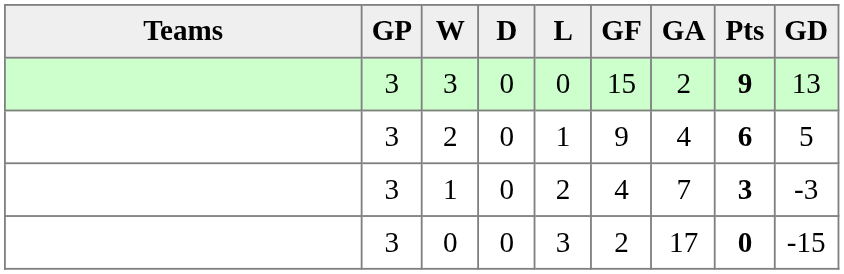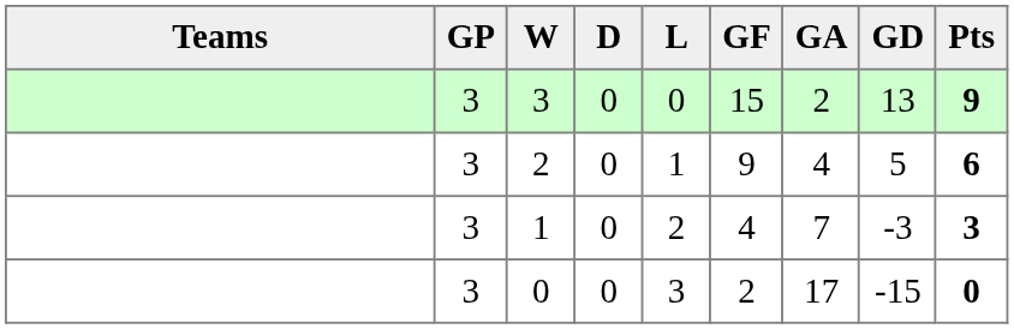 <table style=border-collapse:collapse border=1 cellspacing=0 cellpadding=5>
 <tr align=center bgcolor=#efefef>
 <th width=185>Teams</th>
 <th width=20>GP</th>
 <th width=20>W</th>
 <th width=20>D</th>
 <th width=20>L</th>
 <th width=20>GF</th>
 <th width=20>GA</th>
+<th width=20>GD</th>
 <th width=20>Pts<br></th>
-<th width=20>GD</th>
 </tr>
 <tr align=center style="background:#ccffcc;">
 <td style="text-align:left;"></td>
 <td>3</td>
 <td>3</td>
 <td>0</td>
 <td>0</td>
 <td>15</td>
 <td>2</td>
+<td>13</td>
 <td><strong>9</strong></td>
-<td>13</td>
 </tr>
 <tr align=center>
 <td style="text-align:left;"></td>
 <td>3</td>
 <td>2</td>
 <td>0</td>
 <td>1</td>
 <td>9</td>
 <td>4</td>
+<td>5</td>
 <td><strong>6</strong></td>
-<td>5</td>
 </tr>
 <tr align=center>
 <td style="text-align:left;"></td>
 <td>3</td>
 <td>1</td>
 <td>0</td>
 <td>2</td>
 <td>4</td>
 <td>7</td>
+<td>-3</td>
 <td><strong>3</strong></td>
-<td>-3</td>
 </tr>
 <tr align=center>
 <td style="text-align:left;"></td>
 <td>3</td>
 <td>0</td>
 <td>0</td>
 <td>3</td>
 <td>2</td>
 <td>17</td>
+<td>-15</td>
 <td><strong>0</strong></td>
-<td>-15</td>
 </tr>
 </table>
